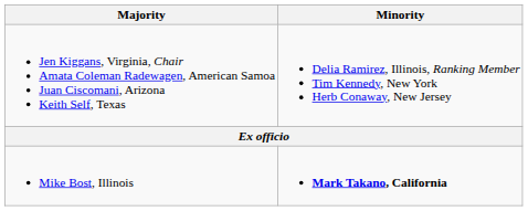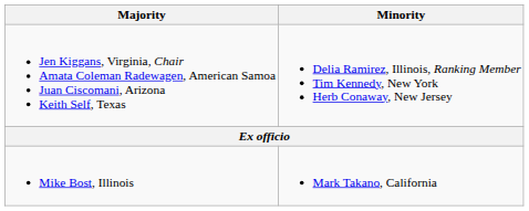 <table class=wikitable>
 <tr>
 <th>Majority</th>
 <th>Minority</th>
 </tr>
 <tr>
 <td><br><ul><li><a href='#'>Jen Kiggans</a>, Virginia, <em>Chair</em></li><li><a href='#'>Amata Coleman Radewagen</a>, American Samoa</li><li><a href='#'>Juan Ciscomani</a>, Arizona</li><li><a href='#'>Keith Self</a>, Texas</li></ul></td>
 <td><br><ul><li><a href='#'>Delia Ramirez</a>, Illinois, <em>Ranking Member</em></li><li><a href='#'>Tim Kennedy</a>, New York</li><li><a href='#'>Herb Conaway</a>, New Jersey</li></ul></td>
 </tr>
 <tr>
 <th colspan=2><em>Ex officio</em></th>
 </tr>
 <tr>
 <td><br><ul><li><a href='#'>Mike Bost</a>, Illinois</li></ul></td>
-<td><strong><br><ul><li><a href='#'>Mark Takano</a>, California</li></ul></strong></td>
+<td><br><ul><li><a href='#'>Mark Takano</a>, California</li></ul></td>
 </tr>
 </table>
